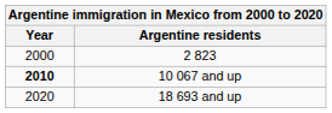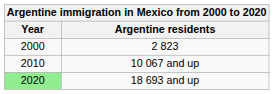 <table class="wikitable" style="text-align:center;">
 <tr>
 <th colspan=5>Argentine immigration in Mexico from 2000 to 2020</th>
 </tr>
 <tr>
 <th>Year</th>
 <th>Argentine residents</th>
 </tr>
 <tr>
 <td>2000</td>
 <td>2 823</td>
 </tr>
 <tr>
-<td><strong>2010</strong></td>
+<td>2010</td>
 <td>10 067 and up</td>
 </tr>
 <tr>
-<td>2020</td>
+<td style="background: lightgreen;">2020</td>
 <td>18 693 and up</td>
 </tr>
 </table>
